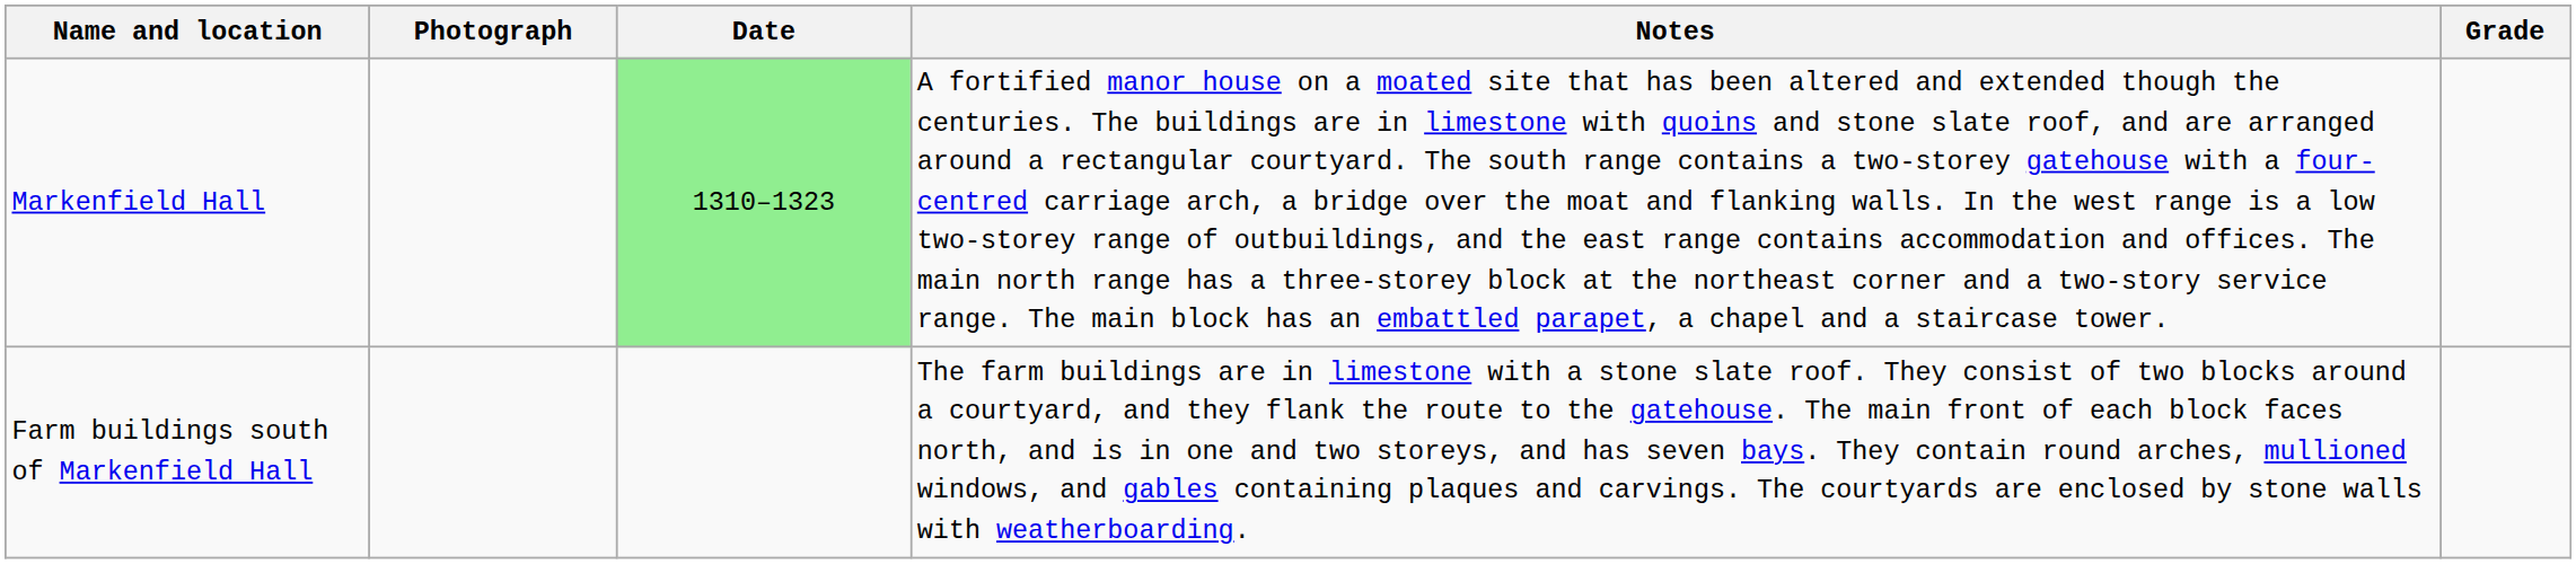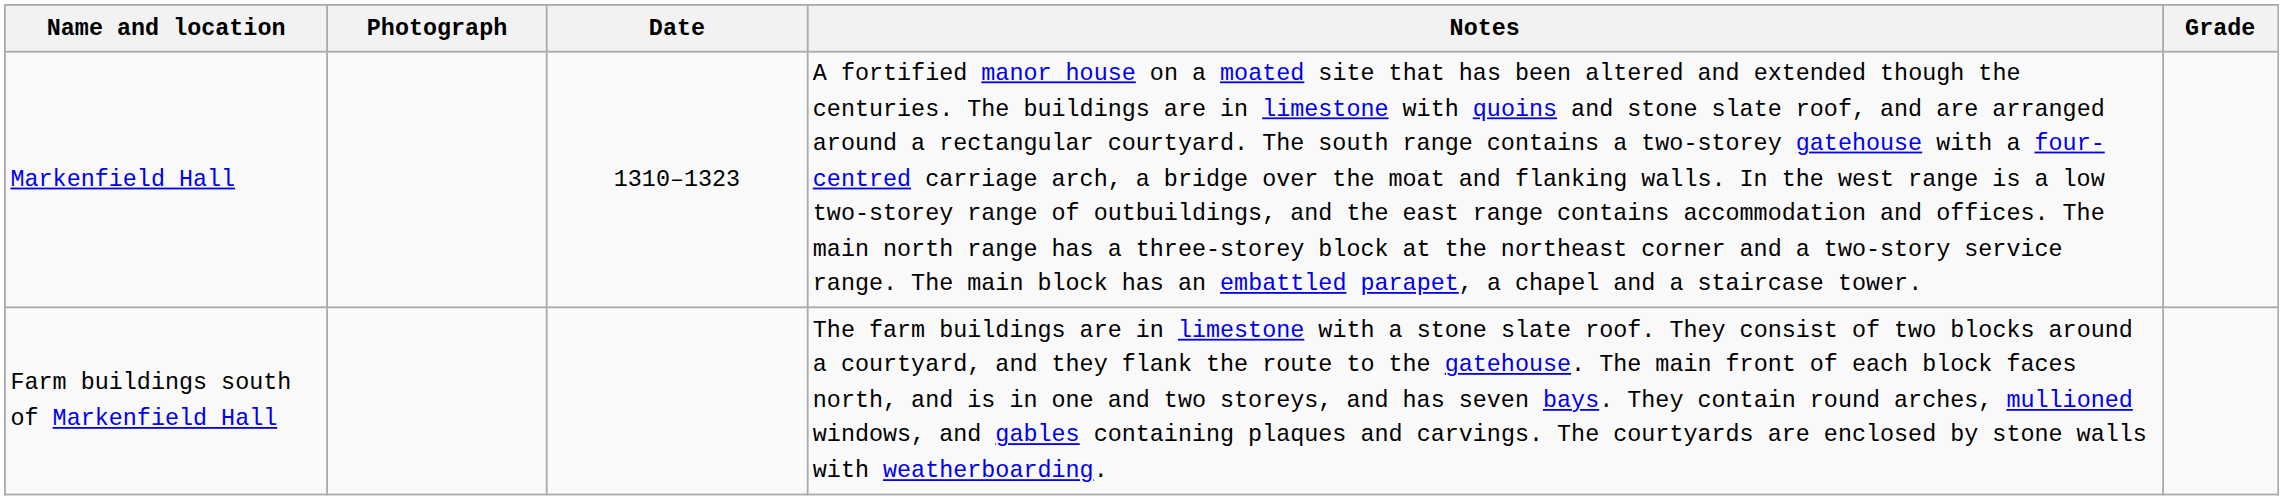 <table class="wikitable sortable plainrowheaders" style="width:100%; border:0px; text-align:left; line-height:150%">
 <tr>
 <th scope="col"  style="width:150px">Name and location</th>
 <th scope="col"  style="width:100px" class="unsortable">Photograph</th>
 <th scope="col"  style="width:120px">Date</th>
 <th scope="col"  style="width:650px" class="unsortable">Notes</th>
 <th scope="col"  style="width:50px">Grade</th>
 </tr>
 <tr>
 <td><a href='#'>Markenfield Hall</a><br><small></small></td>
 <td></td>
-<td align="center" style="background: lightgreen;">1310–1323</td>
+<td align="center">1310–1323</td>
 <td>A fortified <a href='#'>manor house</a> on a <a href='#'>moated</a> site that has been altered and extended though the centuries. The buildings are in <a href='#'>limestone</a> with <a href='#'>quoins</a> and stone slate roof, and are arranged around a rectangular courtyard. The south range contains a two-storey <a href='#'>gatehouse</a> with a <a href='#'>four-centred</a> carriage arch, a bridge over the moat and flanking walls. In the west range is a low two-storey range of outbuildings, and the east range contains accommodation and offices. The main north range has a three-storey block at the northeast corner and a two-story service range. The main block has an <a href='#'>embattled</a> <a href='#'>parapet</a>, a chapel and a staircase tower.</td>
 <td align="center" ></td>
 </tr>
 <tr>
 <td>Farm buildings south of <a href='#'>Markenfield Hall</a><br><small></small></td>
 <td></td>
 <td align="center"></td>
 <td>The farm buildings are in <a href='#'>limestone</a> with a stone slate roof. They consist of two blocks around a courtyard, and they flank the route to the <a href='#'>gatehouse</a>. The main front of each block faces north, and is in one and two storeys, and has seven <a href='#'>bays</a>. They contain round arches, <a href='#'>mullioned</a> windows, and <a href='#'>gables</a> containing plaques and carvings. The courtyards are enclosed by stone walls with <a href='#'>weatherboarding</a>.</td>
 <td align="center" ></td>
 </tr>
 <tr>
 </tr>
 </table>
